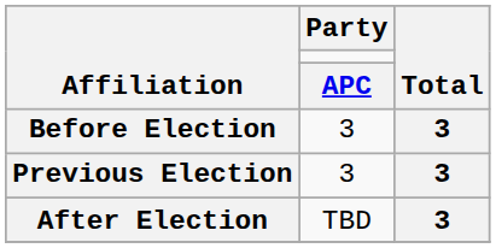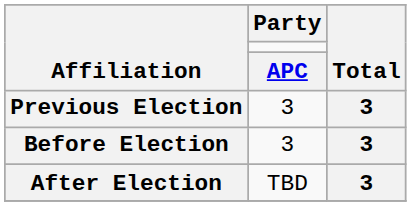 <table class=wikitable style="text-align:center">
 <tr style="vertical-align:bottom;">
 <th rowspan=3>Affiliation</th>
 <th colspan=1>Party</th>
 <th rowspan=3>Total</th>
 </tr>
 <tr>
 <td style="background-color:"></td>
 </tr>
 <tr>
 <th><a href='#'>APC</a></th>
 </tr>
 <tr>
-<th>Before Election</th>
+<th>Previous Election</th>
 <td>3</td>
 <th>3</th>
 </tr>
 <tr>
-<th>Previous Election</th>
+<th>Before Election</th>
 <td>3</td>
 <th>3</th>
 </tr>
 <tr>
 <th>After Election</th>
 <td>TBD</td>
 <th>3</th>
 </tr>
 <tr>
 </tr>
 </table>
